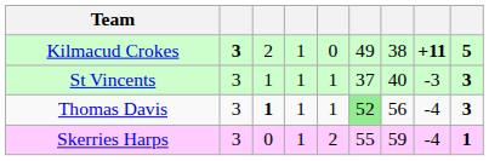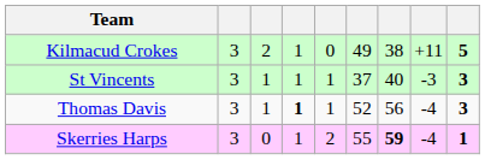 <table class="wikitable" style="text-align:center">
 <tr>
 <th style="width:175px;">Team</th>
 <th width="20"></th>
 <th width="20"></th>
 <th width="20"></th>
 <th width="20"></th>
 <th width="20"></th>
 <th width="20"></th>
 <th width="20"></th>
 <th width="20"></th>
 </tr>
 <tr style="background:#cfc;">
 <td><a href='#'>Kilmacud Crokes</a></td>
-<td><strong>3</strong></td>
+<td>3</td>
 <td>2</td>
 <td>1</td>
 <td>0</td>
 <td>49</td>
 <td>38</td>
-<td><strong>+11</strong></td>
+<td>+11</td>
 <td><strong>5</strong></td>
 </tr>
 <tr style="background:#cfc;">
 <td><a href='#'>St Vincents</a></td>
 <td>3</td>
 <td>1</td>
 <td>1</td>
 <td>1</td>
 <td>37</td>
 <td>40</td>
 <td>-3</td>
 <td><strong>3</strong></td>
 </tr>
 <tr>
 <td><a href='#'>Thomas Davis</a></td>
 <td>3</td>
+<td>1</td>
 <td><strong>1</strong></td>
 <td>1</td>
-<td>1</td>
-<td style="background: lightgreen;">52</td>
+<td>52</td>
 <td>56</td>
 <td>-4</td>
 <td><strong>3</strong></td>
 </tr>
 <tr style="background:#fcf;">
 <td><a href='#'>Skerries Harps</a></td>
 <td>3</td>
 <td>0</td>
 <td>1</td>
 <td>2</td>
 <td>55</td>
-<td>59</td>
+<td><strong>59</strong></td>
 <td>-4</td>
 <td><strong>1</strong></td>
 </tr>
 </table>
